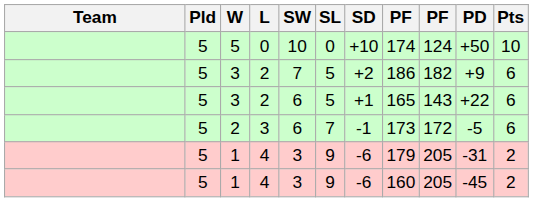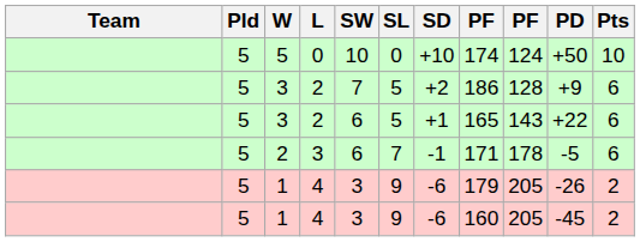 <table class=wikitable style="text-align:center">
 <tr>
 <th width=160>Team</th>
 <th width=20>Pld</th>
 <th width=20>W</th>
 <th width=20>L</th>
 <th width=20>SW</th>
 <th width=20>SL</th>
 <th width=20>SD</th>
 <th width=20>PF</th>
 <th width=20>PF</th>
 <th width=20>PD</th>
 <th width=20>Pts</th>
 </tr>
 <tr bgcolor="ccffcc">
 <td align=left></td>
 <td>5</td>
 <td>5</td>
 <td>0</td>
 <td>10</td>
 <td>0</td>
 <td>+10</td>
 <td>174</td>
 <td>124</td>
 <td>+50</td>
 <td>10</td>
 </tr>
 <tr bgcolor="ccffcc">
 <td align=left></td>
 <td>5</td>
 <td>3</td>
 <td>2</td>
 <td>7</td>
 <td>5</td>
 <td>+2</td>
 <td>186</td>
-<td>182</td>
+<td>128</td>
 <td>+9</td>
 <td>6</td>
 </tr>
 <tr bgcolor="ccffcc">
 <td align=left></td>
 <td>5</td>
 <td>3</td>
 <td>2</td>
 <td>6</td>
 <td>5</td>
 <td>+1</td>
 <td>165</td>
 <td>143</td>
 <td>+22</td>
 <td>6</td>
 </tr>
 <tr bgcolor="ccffcc">
 <td align=left></td>
 <td>5</td>
 <td>2</td>
 <td>3</td>
 <td>6</td>
 <td>7</td>
 <td>-1</td>
-<td>173</td>
-<td>172</td>
+<td>171</td>
+<td>178</td>
 <td>-5</td>
 <td>6</td>
 </tr>
 <tr bgcolor="ffcccc">
 <td align=left></td>
 <td>5</td>
 <td>1</td>
 <td>4</td>
 <td>3</td>
 <td>9</td>
 <td>-6</td>
 <td>179</td>
 <td>205</td>
-<td>-31</td>
+<td>-26</td>
 <td>2</td>
 </tr>
 <tr bgcolor="ffcccc">
 <td align=left></td>
 <td>5</td>
 <td>1</td>
 <td>4</td>
 <td>3</td>
 <td>9</td>
 <td>-6</td>
 <td>160</td>
 <td>205</td>
 <td>-45</td>
 <td>2</td>
 </tr>
 </table>
